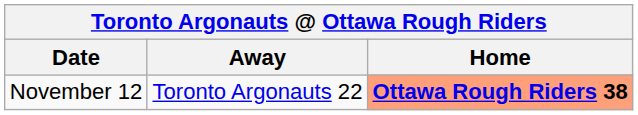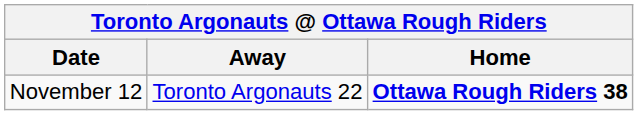 <table class="wikitable">
 <tr>
 <th colspan="3"><a href='#'>Toronto Argonauts</a> @ <a href='#'>Ottawa Rough Riders</a></th>
 </tr>
 <tr>
 <th>Date</th>
 <th>Away</th>
 <th>Home</th>
 </tr>
 <tr>
 <td>November 12</td>
 <td><a href='#'>Toronto Argonauts</a> 22</td>
-<td style="background: lightsalmon;"><strong><a href='#'>Ottawa Rough Riders</a> 38</strong></td>
+<td><strong><a href='#'>Ottawa Rough Riders</a> 38</strong></td>
 </tr>
 </table>
